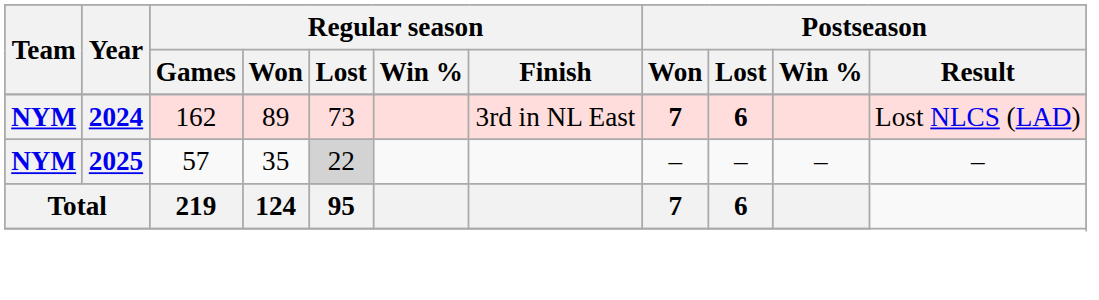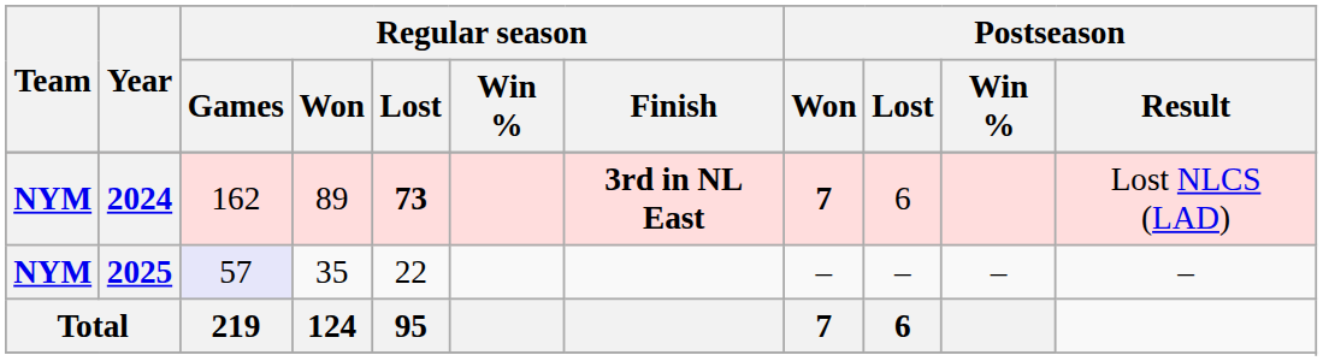 <table class="wikitable" style="font-size: 95%; text-align:center;">
 <tr>
 <th rowspan="2">Team</th>
 <th rowspan="2">Year</th>
 <th colspan="5">Regular season</th>
 <th colspan="5">Postseason</th>
 </tr>
 <tr>
 <th>Games</th>
 <th>Won</th>
 <th>Lost</th>
 <th>Win %</th>
 <th>Finish</th>
 <th>Won</th>
 <th>Lost</th>
 <th>Win %</th>
 <th>Result</th>
 </tr>
 <tr ! style="background:#fdd;">
 </tr>
 <tr - style="background:#fdd;" !>
 <th><a href='#'>NYM</a></th>
 <th><a href='#'>2024</a></th>
 <td>162</td>
 <td>89</td>
-<td>73</td>
+<td><strong>73</strong></td>
 <td></td>
-<td>3rd in NL East</td>
+<td><strong>3rd in NL East</strong></td>
 <td><strong>7</strong></td>
-<td><strong>6</strong></td>
+<td>6</td>
 <td></td>
 <td>Lost <a href='#'>NLCS</a> (<a href='#'>LAD</a>)</td>
 </tr>
 <tr>
 <th><a href='#'>NYM</a></th>
 <th><a href='#'>2025</a></th>
-<td>57</td>
+<td style="background: lavender;">57</td>
 <td>35</td>
-<td style="background: lightgrey;">22</td>
+<td>22</td>
 <td></td>
 <td></td>
 <td>–</td>
 <td>–</td>
 <td>–</td>
 <td>–</td>
 </tr>
 <tr>
 <th colspan="2">Total</th>
 <th>219</th>
 <th>124</th>
 <th>95</th>
 <th></th>
 <th></th>
 <th>7</th>
 <th>6</th>
 <th></th>
 </tr>
 <tr>
 </tr>
 </table>
